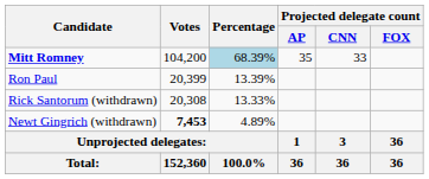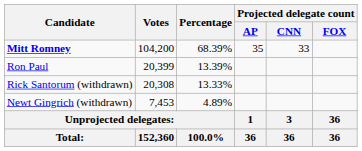 <table class="wikitable" style="text-align:right;">
 <tr>
 <th rowspan="2">Candidate</th>
 <th rowspan="2">Votes</th>
 <th rowspan="2">Percentage</th>
 <th colspan="3">Projected delegate count</th>
 </tr>
 <tr>
 <th><a href='#'>AP</a></th>
 <th><a href='#'>CNN</a><br></th>
 <th><a href='#'>FOX</a><br></th>
 </tr>
 <tr>
 <td style="text-align:left;"> <strong><a href='#'>Mitt Romney</a></strong></td>
 <td>104,200</td>
-<td style="background: lightblue;">68.39%</td>
+<td>68.39%</td>
 <td>35</td>
 <td>33</td>
 <td></td>
 </tr>
 <tr>
 <td style="text-align:left;"><a href='#'>Ron Paul</a></td>
 <td>20,399</td>
 <td>13.39%</td>
 <td></td>
 <td></td>
 <td></td>
 </tr>
 <tr>
 <td style="text-align:left;"><a href='#'>Rick Santorum</a> (withdrawn)</td>
 <td>20,308</td>
 <td>13.33%</td>
 <td></td>
 <td></td>
 <td></td>
 </tr>
 <tr>
 <td style="text-align:left;"><a href='#'>Newt Gingrich</a> (withdrawn)</td>
-<td><strong>7,453</strong></td>
+<td>7,453</td>
 <td>4.89%</td>
 <td></td>
 <td></td>
 <td></td>
 </tr>
 <tr style="background:#eee;">
 <th colspan="3">Unprojected delegates:</th>
 <th>1</th>
 <th>3</th>
 <th>36</th>
 </tr>
 <tr style="background:#eee;">
 <th>Total:</th>
 <th>152,360</th>
 <th>100.0%</th>
 <th>36</th>
 <th>36</th>
 <th>36</th>
 </tr>
 </table>
